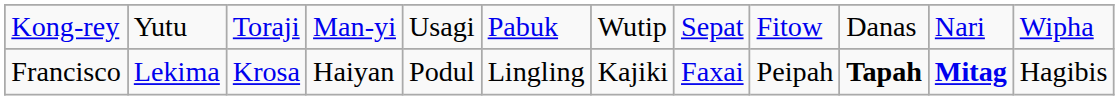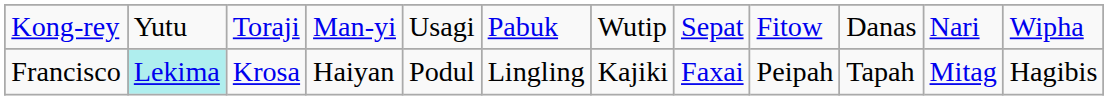 <table class="wikitable">
 <tr>
 <td><a href='#'>Kong-rey</a></td>
 <td>Yutu</td>
 <td><a href='#'>Toraji</a></td>
 <td><a href='#'>Man-yi</a></td>
 <td>Usagi</td>
 <td><a href='#'>Pabuk</a></td>
 <td>Wutip</td>
 <td><a href='#'>Sepat</a></td>
 <td><a href='#'>Fitow</a></td>
 <td>Danas</td>
 <td><a href='#'>Nari</a></td>
 <td><a href='#'>Wipha</a></td>
 </tr>
 <tr>
 <td>Francisco</td>
-<td><a href='#'>Lekima</a></td>
+<td style="background: paleturquoise;"><a href='#'>Lekima</a></td>
 <td><a href='#'>Krosa</a></td>
 <td>Haiyan</td>
 <td>Podul</td>
 <td>Lingling</td>
 <td>Kajiki</td>
 <td><a href='#'>Faxai</a></td>
 <td>Peipah</td>
-<td><strong>Tapah</strong></td>
-<td><strong><a href='#'>Mitag</a></strong></td>
+<td>Tapah</td>
+<td><a href='#'>Mitag</a></td>
 <td>Hagibis</td>
 </tr>
 </table>
